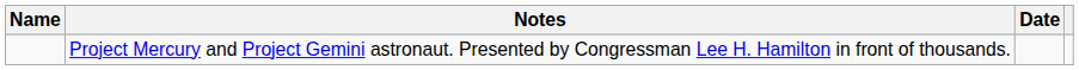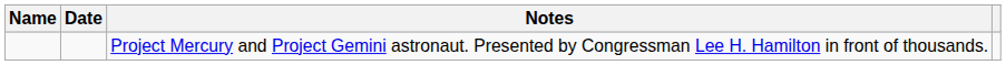 <table class="wikitable sortable plainheaders">
 <tr style="background:#b0c4de; text-align:center;">
 <th scope="col">Name</th>
+<th scope="col">Date</th>
 <th scope="col" class="unsortable">Notes</th>
-<th scope="col">Date</th>
 <th scope="col" class="unsortable"></th>
 </tr>
 <tr>
 <td></td>
+<td></td>
 <td><a href='#'>Project Mercury</a> and <a href='#'>Project Gemini</a> astronaut. Presented by Congressman <a href='#'>Lee H. Hamilton</a> in front of thousands.</td>
-<td></td>
 <td style="text-align:center;"></td>
 </tr>
 </table>
